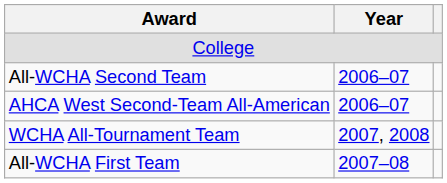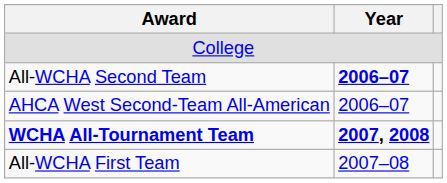 <table class="wikitable">
 <tr>
 <th>Award</th>
 <th>Year</th>
 <th></th>
 </tr>
 <tr ALIGN="center" bgcolor="#e0e0e0">
 <td colspan="3"><a href='#'>College</a></td>
 </tr>
 <tr>
 <td>All-<a href='#'>WCHA</a> <a href='#'>Second Team</a></td>
-<td><a href='#'>2006–07</a></td>
+<td><strong><a href='#'>2006–07</a></strong></td>
 <td></td>
 </tr>
 <tr>
 <td><a href='#'>AHCA</a> <a href='#'>West Second-Team All-American</a></td>
 <td><a href='#'>2006–07</a></td>
 <td></td>
 </tr>
 <tr>
-<td><a href='#'>WCHA</a> <a href='#'>All-Tournament Team</a></td>
-<td><a href='#'>2007</a>, <a href='#'>2008</a></td>
+<td><strong><a href='#'>WCHA</a> <a href='#'>All-Tournament Team</a></strong></td>
+<td><strong><a href='#'>2007</a>, <a href='#'>2008</a></strong></td>
 <td></td>
 </tr>
 <tr>
 <td>All-<a href='#'>WCHA</a> <a href='#'>First Team</a></td>
 <td><a href='#'>2007–08</a></td>
 <td></td>
 </tr>
 </table>
